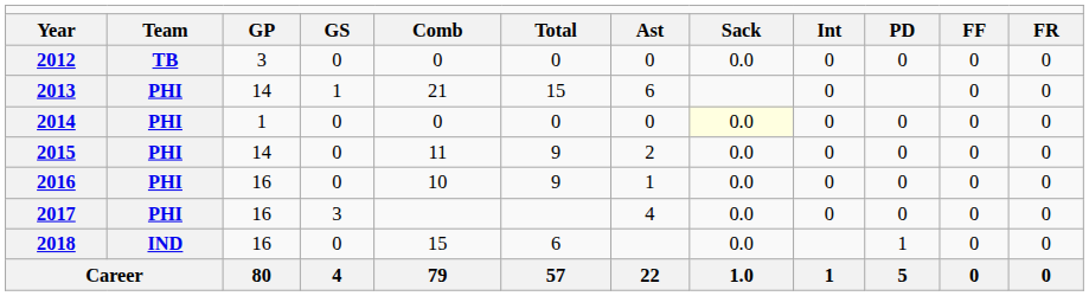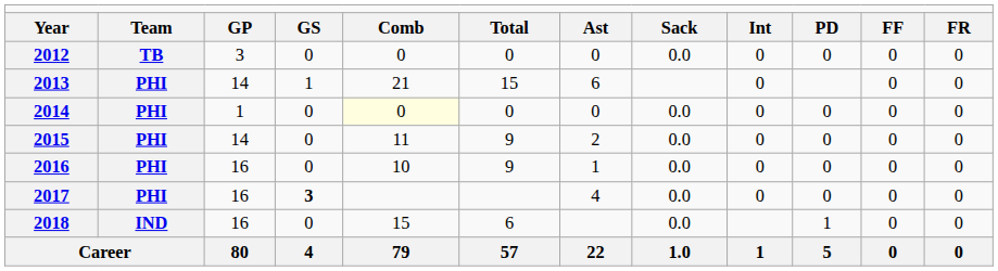 <table class= "wikitable" float="left" style="text-align:center; width:45%;">
 <tr>
 <td ! colspan="22"></td>
 </tr>
 <tr>
 <th>Year</th>
 <th>Team</th>
 <th>GP</th>
 <th>GS</th>
 <th>Comb</th>
 <th>Total</th>
 <th>Ast</th>
 <th>Sack</th>
 <th>Int</th>
 <th>PD</th>
 <th>FF</th>
 <th>FR</th>
 </tr>
 <tr>
 <th><a href='#'>2012</a></th>
 <th><a href='#'>TB</a></th>
 <td>3</td>
 <td>0</td>
 <td>0</td>
 <td>0</td>
 <td>0</td>
 <td>0.0</td>
 <td>0</td>
 <td>0</td>
 <td>0</td>
 <td>0</td>
 </tr>
 <tr>
 <th><a href='#'>2013</a></th>
 <th><a href='#'>PHI</a></th>
 <td>14</td>
 <td>1</td>
 <td>21</td>
 <td>15</td>
 <td>6</td>
 <td></td>
 <td>0</td>
 <td></td>
 <td>0</td>
 <td>0</td>
 </tr>
 <tr>
 <th><a href='#'>2014</a></th>
 <th><a href='#'>PHI</a></th>
 <td>1</td>
 <td>0</td>
+<td style="background: lightyellow;">0</td>
 <td>0</td>
 <td>0</td>
-<td>0</td>
-<td style="background: lightyellow;">0.0</td>
+<td>0.0</td>
 <td>0</td>
 <td>0</td>
 <td>0</td>
 <td>0</td>
 </tr>
 <tr>
 <th><a href='#'>2015</a></th>
 <th><a href='#'>PHI</a></th>
 <td>14</td>
 <td>0</td>
 <td>11</td>
 <td>9</td>
 <td>2</td>
 <td>0.0</td>
 <td>0</td>
 <td>0</td>
 <td>0</td>
 <td>0</td>
 </tr>
 <tr>
 <th><a href='#'>2016</a></th>
 <th><a href='#'>PHI</a></th>
 <td>16</td>
 <td>0</td>
 <td>10</td>
 <td>9</td>
 <td>1</td>
 <td>0.0</td>
 <td>0</td>
 <td>0</td>
 <td>0</td>
 <td>0</td>
 </tr>
 <tr>
 <th><a href='#'>2017</a></th>
 <th><a href='#'>PHI</a></th>
 <td>16</td>
-<td>3</td>
+<td><strong>3</strong></td>
 <td></td>
 <td></td>
 <td>4</td>
 <td>0.0</td>
 <td>0</td>
 <td>0</td>
 <td>0</td>
 <td>0</td>
 </tr>
 <tr>
 <th><a href='#'>2018</a></th>
 <th><a href='#'>IND</a></th>
 <td>16</td>
 <td>0</td>
 <td>15</td>
 <td>6</td>
 <td></td>
 <td>0.0</td>
 <td></td>
 <td>1</td>
 <td>0</td>
 <td>0</td>
 </tr>
 <tr>
 <th colspan="2">Career</th>
 <th>80</th>
 <th>4</th>
 <th>79</th>
 <th>57</th>
 <th>22</th>
 <th>1.0</th>
 <th>1</th>
 <th>5</th>
 <th>0</th>
 <th>0</th>
 </tr>
 </table>
